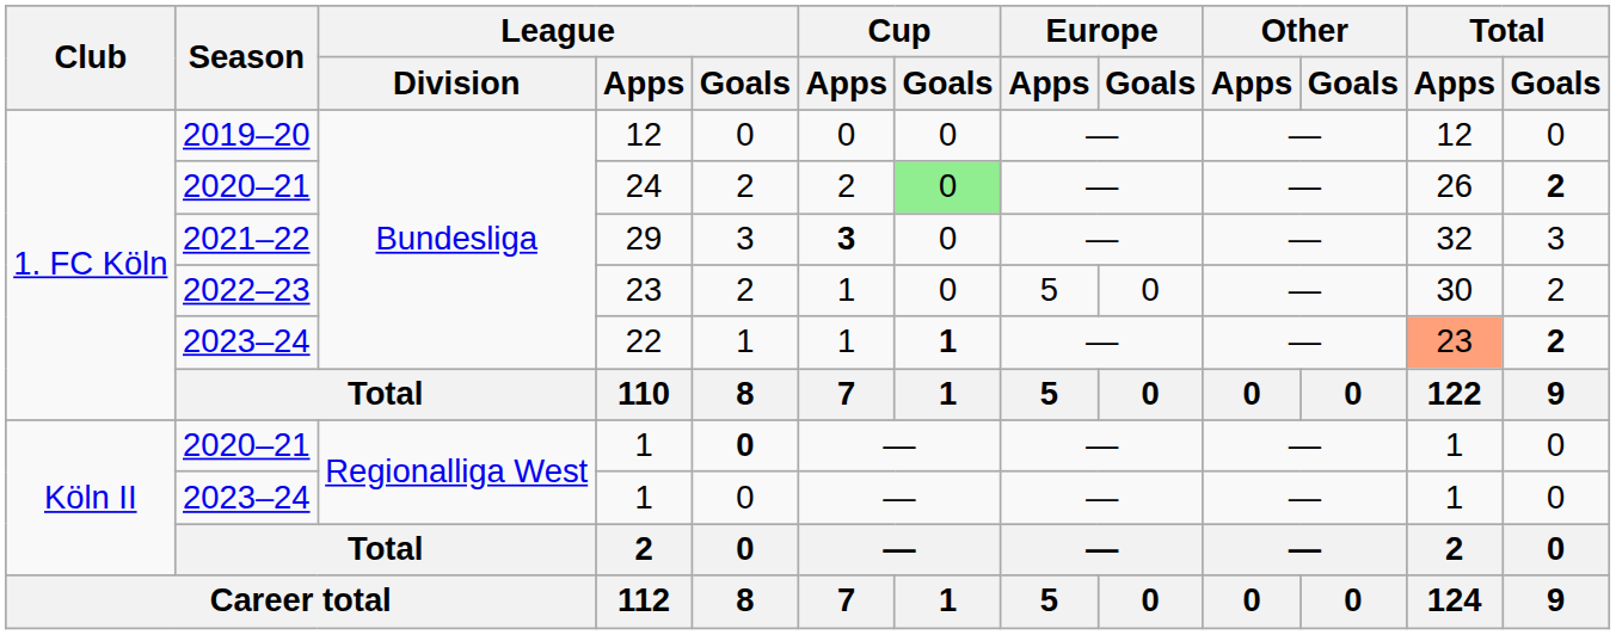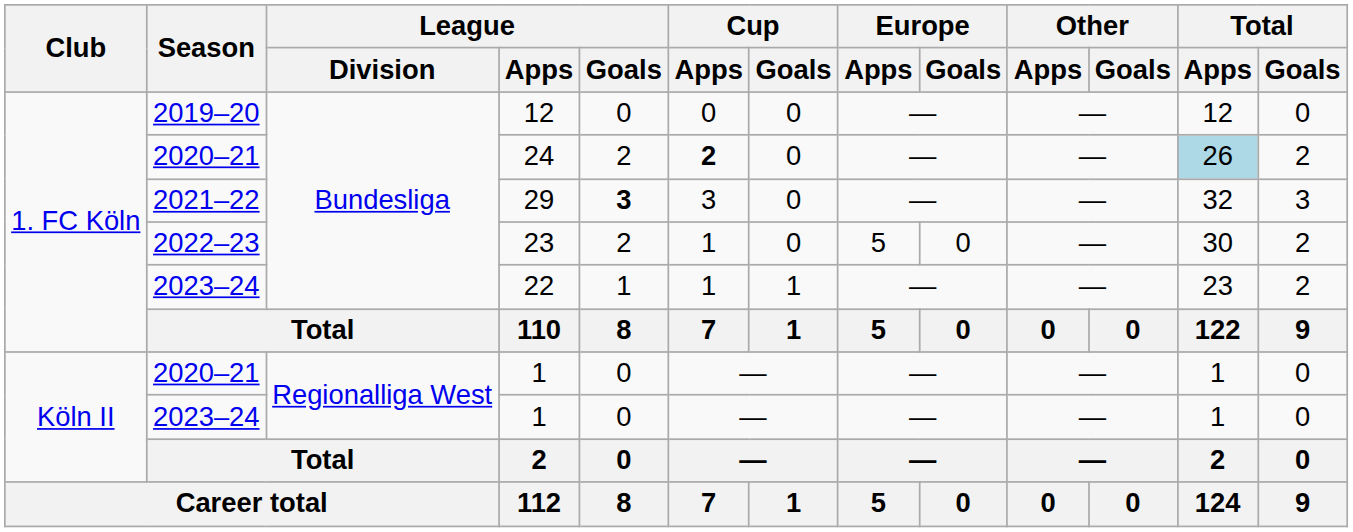 <table class="wikitable" style="text-align: center;">
 <tr>
 <th rowspan="2">Club</th>
 <th rowspan="2">Season</th>
 <th colspan="3">League</th>
 <th colspan="2">Cup</th>
 <th colspan="2">Europe</th>
 <th colspan="2">Other</th>
 <th colspan="2">Total</th>
 </tr>
 <tr>
 <th>Division</th>
 <th>Apps</th>
 <th>Goals</th>
 <th>Apps</th>
 <th>Goals</th>
 <th>Apps</th>
 <th>Goals</th>
 <th>Apps</th>
 <th>Goals</th>
 <th>Apps</th>
 <th>Goals</th>
 </tr>
 <tr>
 <td rowspan="6"><a href='#'>1. FC Köln</a></td>
 <td><a href='#'>2019–20</a></td>
 <td rowspan="5"><a href='#'>Bundesliga</a></td>
 <td>12</td>
 <td>0</td>
 <td>0</td>
 <td>0</td>
 <td colspan="2">—</td>
 <td colspan="2">—</td>
 <td>12</td>
 <td>0</td>
 </tr>
 <tr>
 <td><a href='#'>2020–21</a></td>
 <td>24</td>
 <td>2</td>
-<td>2</td>
-<td style="background: lightgreen;">0</td>
+<td><strong>2</strong></td>
+<td>0</td>
 <td colspan="2">—</td>
 <td colspan="2">—</td>
-<td>26</td>
-<td><strong>2</strong></td>
+<td style="background: lightblue;">26</td>
+<td>2</td>
 </tr>
 <tr>
 <td><a href='#'>2021–22</a></td>
 <td>29</td>
+<td><strong>3</strong></td>
 <td>3</td>
-<td><strong>3</strong></td>
 <td>0</td>
 <td colspan="2">—</td>
 <td colspan="2">—</td>
 <td>32</td>
 <td>3</td>
 </tr>
 <tr>
 <td><a href='#'>2022–23</a></td>
 <td>23</td>
 <td>2</td>
 <td>1</td>
 <td>0</td>
 <td>5</td>
 <td>0</td>
 <td colspan="2">—</td>
 <td>30</td>
 <td>2</td>
 </tr>
 <tr>
 <td><a href='#'>2023–24</a></td>
 <td>22</td>
 <td>1</td>
 <td>1</td>
-<td><strong>1</strong></td>
+<td>1</td>
 <td colspan="2">—</td>
 <td colspan="2">—</td>
-<td style="background: lightsalmon;">23</td>
-<td><strong>2</strong></td>
+<td>23</td>
+<td>2</td>
 </tr>
 <tr>
 <th colspan="2">Total</th>
 <th>110</th>
 <th>8</th>
 <th>7</th>
 <th>1</th>
 <th>5</th>
 <th>0</th>
 <th>0</th>
 <th>0</th>
 <th>122</th>
 <th>9</th>
 </tr>
 <tr>
 <td rowspan="3"><a href='#'>Köln II</a></td>
 <td><a href='#'>2020–21</a></td>
 <td rowspan="2"><a href='#'>Regionalliga West</a></td>
 <td>1</td>
-<td><strong>0</strong></td>
+<td>0</td>
 <td colspan="2">—</td>
 <td colspan="2">—</td>
 <td colspan="2">—</td>
 <td>1</td>
 <td>0</td>
 </tr>
 <tr>
 <td><a href='#'>2023–24</a></td>
 <td>1</td>
 <td>0</td>
 <td colspan="2">—</td>
 <td colspan="2">—</td>
 <td colspan="2">—</td>
 <td>1</td>
 <td>0</td>
 </tr>
 <tr>
 <th colspan="2">Total</th>
 <th>2</th>
 <th>0</th>
 <th colspan="2">—</th>
 <th colspan="2">—</th>
 <th colspan="2">—</th>
 <th>2</th>
 <th>0</th>
 </tr>
 <tr>
 <th colspan="3">Career total</th>
 <th>112</th>
 <th>8</th>
 <th>7</th>
 <th>1</th>
 <th>5</th>
 <th>0</th>
 <th>0</th>
 <th>0</th>
 <th>124</th>
 <th>9</th>
 </tr>
 </table>
